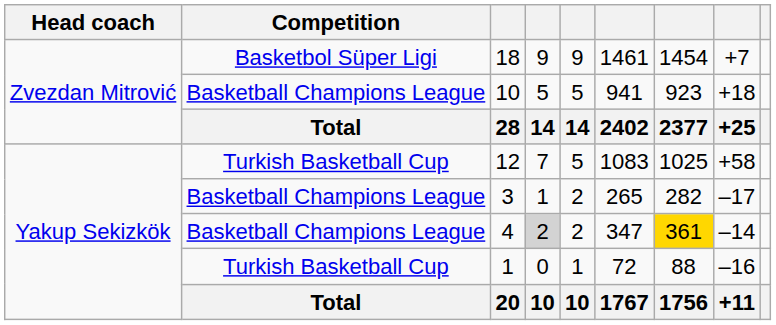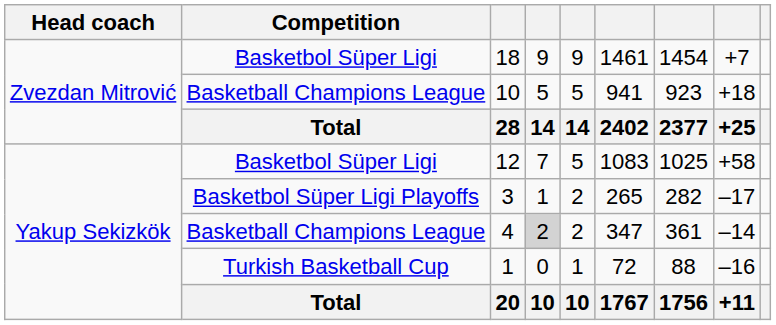 <table class="wikitable" style="font-size:95%; text-align:center;">
 <tr>
 <th>Head coach</th>
 <th>Competition</th>
 <th></th>
 <th></th>
 <th></th>
 <th></th>
 <th></th>
 <th></th>
 <th></th>
 </tr>
 <tr>
 <td rowspan=3><a href='#'>Zvezdan Mitrović</a></td>
 <td><a href='#'>Basketbol Süper Ligi</a></td>
 <td>18</td>
 <td>9</td>
 <td>9</td>
 <td>1461</td>
 <td>1454</td>
 <td>+7</td>
 <td></td>
 </tr>
 <tr>
 <td><a href='#'>Basketball Champions League</a></td>
 <td>10</td>
 <td>5</td>
 <td>5</td>
 <td>941</td>
 <td>923</td>
 <td>+18</td>
 <td></td>
 </tr>
 <tr>
 <th>Total</th>
 <th>28</th>
 <th>14</th>
 <th>14</th>
 <th>2402</th>
 <th>2377</th>
 <th>+25</th>
 <th></th>
 </tr>
 <tr>
 <td rowspan=5><a href='#'>Yakup Sekizkök</a></td>
-<td><a href='#'>Turkish Basketball Cup</a></td>
+<td><a href='#'>Basketbol Süper Ligi</a></td>
 <td>12</td>
 <td>7</td>
 <td>5</td>
 <td>1083</td>
 <td>1025</td>
 <td>+58</td>
 <td></td>
 </tr>
 <tr>
-<td><a href='#'>Basketball Champions League</a></td>
+<td><a href='#'>Basketbol Süper Ligi Playoffs</a></td>
 <td>3</td>
 <td>1</td>
 <td>2</td>
 <td>265</td>
 <td>282</td>
 <td>–17</td>
 <td></td>
 </tr>
 <tr>
 <td><a href='#'>Basketball Champions League</a></td>
 <td>4</td>
 <td style="background: lightgrey;">2</td>
 <td>2</td>
 <td>347</td>
-<td style="background: gold;">361</td>
+<td>361</td>
 <td>–14</td>
 <td></td>
 </tr>
 <tr>
 <td><a href='#'>Turkish Basketball Cup</a></td>
 <td>1</td>
 <td>0</td>
 <td>1</td>
 <td>72</td>
 <td>88</td>
 <td>–16</td>
 <td></td>
 </tr>
 <tr>
 <th>Total</th>
 <th>20</th>
 <th>10</th>
 <th>10</th>
 <th>1767</th>
 <th>1756</th>
 <th>+11</th>
 <th></th>
 </tr>
 </table>
